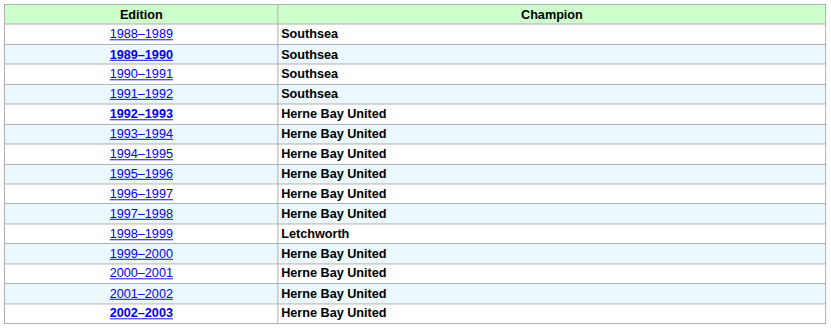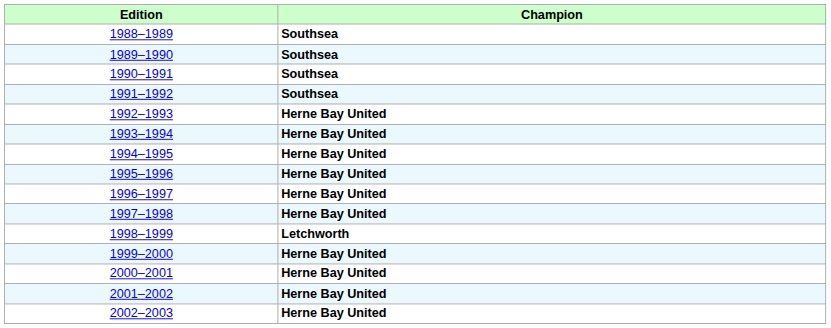 <table class="wikitable" style="font-size:85%; width:100%">
 <tr>
 <th width="33%" style="background:#ccffcc">Edition</th>
 <th width="66%" style="background:#ccffcc">Champion</th>
 </tr>
 <tr bgcolor="#FFFFFF">
 <td align="center"><a href='#'>1988–1989</a></td>
 <td><strong>Southsea</strong></td>
 </tr>
 <tr bgcolor="#EBF8FD">
-<td align="center"><strong><a href='#'>1989–1990</a></strong></td>
+<td align="center"><a href='#'>1989–1990</a></td>
 <td><strong>Southsea</strong></td>
 </tr>
 <tr bgcolor="#FFFFFF">
 <td align="center"><a href='#'>1990–1991</a></td>
 <td><strong>Southsea</strong></td>
 </tr>
 <tr bgcolor="#EBF8FD">
 <td align="center"><a href='#'>1991–1992</a></td>
 <td><strong>Southsea</strong></td>
 </tr>
 <tr bgcolor="#FFFFFF">
-<td align="center"><strong><a href='#'>1992–1993</a></strong></td>
+<td align="center"><a href='#'>1992–1993</a></td>
 <td><strong>Herne Bay United</strong></td>
 </tr>
 <tr bgcolor="#EBF8FD">
 <td align="center"><a href='#'>1993–1994</a></td>
 <td><strong>Herne Bay United</strong></td>
 </tr>
 <tr bgcolor="#FFFFFF">
 <td align="center"><a href='#'>1994–1995</a></td>
 <td><strong>Herne Bay United</strong></td>
 </tr>
 <tr bgcolor="#EBF8FD">
 <td align="center"><a href='#'>1995–1996</a></td>
 <td><strong>Herne Bay United</strong></td>
 </tr>
 <tr bgcolor="#FFFFFF">
 <td align="center"><a href='#'>1996–1997</a></td>
 <td><strong>Herne Bay United</strong></td>
 </tr>
 <tr bgcolor="#EBF8FD">
 <td align="center"><a href='#'>1997–1998</a></td>
 <td><strong>Herne Bay United</strong></td>
 </tr>
 <tr bgcolor="#FFFFFF">
 <td align="center"><a href='#'>1998–1999</a></td>
 <td><strong>Letchworth</strong></td>
 </tr>
 <tr bgcolor="#EBF8FD">
 <td align="center"><a href='#'>1999–2000</a></td>
 <td><strong>Herne Bay United</strong></td>
 </tr>
 <tr bgcolor="#FFFFFF">
 <td align="center"><a href='#'>2000–2001</a></td>
 <td><strong>Herne Bay United</strong></td>
 </tr>
 <tr bgcolor="#EBF8FD">
 <td align="center"><a href='#'>2001–2002</a></td>
 <td><strong>Herne Bay United</strong></td>
 </tr>
 <tr bgcolor="#FFFFFF">
-<td align="center"><strong><a href='#'>2002–2003</a></strong></td>
+<td align="center"><a href='#'>2002–2003</a></td>
 <td><strong>Herne Bay United</strong></td>
 </tr>
 </table>
